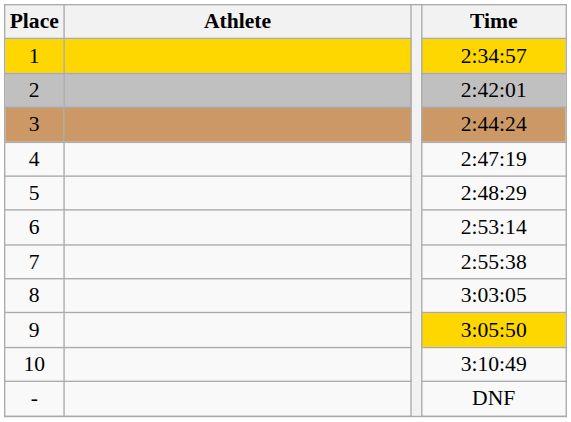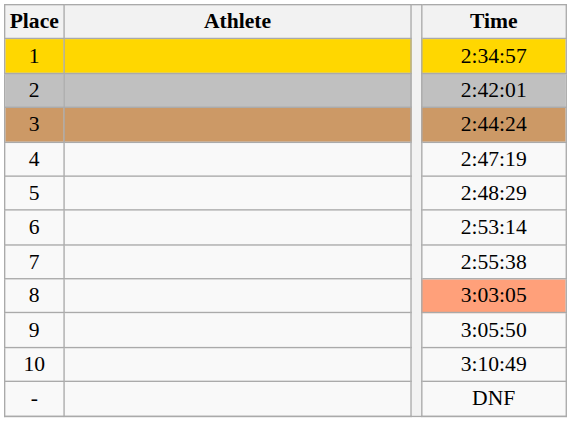 <table class="wikitable" style="text-align:center">
 <tr>
 <th>Place</th>
 <th width=250>Athlete</th>
 <th rowspan=27></th>
 <th width=100>Time</th>
 </tr>
 <tr bgcolor=gold>
 <td>1</td>
 <td align=left></td>
 <td>2:34:57</td>
 </tr>
 <tr bgcolor=silver>
 <td>2</td>
 <td align=left></td>
 <td>2:42:01</td>
 </tr>
 <tr bgcolor=cc9966>
 <td>3</td>
 <td align=left></td>
 <td>2:44:24</td>
 </tr>
 <tr>
 <td>4</td>
 <td align=left></td>
 <td>2:47:19</td>
 </tr>
 <tr>
 <td>5</td>
 <td align=left></td>
 <td>2:48:29</td>
 </tr>
 <tr>
 <td>6</td>
 <td align=left></td>
 <td>2:53:14</td>
 </tr>
 <tr>
 <td>7</td>
 <td align=left></td>
 <td>2:55:38</td>
 </tr>
 <tr>
 <td>8</td>
 <td align=left></td>
-<td>3:03:05</td>
+<td style="background: lightsalmon;">3:03:05</td>
 </tr>
 <tr>
 <td>9</td>
 <td align=left></td>
-<td style="background: gold;">3:05:50</td>
+<td>3:05:50</td>
 </tr>
 <tr>
 <td>10</td>
 <td align=left></td>
 <td>3:10:49</td>
 </tr>
 <tr>
 <td>-</td>
 <td align=left></td>
 <td>DNF</td>
 </tr>
 <tr>
 </tr>
 </table>
